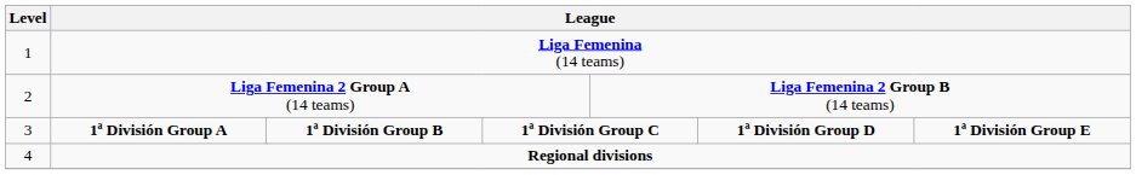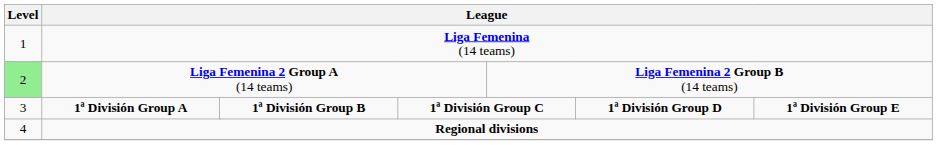 <table class="wikitable" style="text-align: center;">
 <tr south>
 <th colspan="1" width="4%">Level</th>
 <th colspan="10" width="96%">League</th>
 </tr>
 <tr>
 <td colspan="1" width="4%">1</td>
 <td colspan="10" width="96%"><strong><a href='#'>Liga Femenina</a></strong><br>(14 teams)<br></td>
 </tr>
 <tr>
-<td colspan="1" width="4%">2</td>
+<td colspan="1" width="4%" style="background: lightgreen;">2</td>
 <td colspan="5" width="48%"><strong><a href='#'>Liga Femenina 2</a> Group A</strong><br>(14 teams)</td>
 <td colspan="5" width="48%"><strong><a href='#'>Liga Femenina 2</a> Group B</strong><br>(14 teams)</td>
 </tr>
 <tr>
 <td colspan="1" width="4%">3</td>
 <td colspan="2" width="19.2%"><strong>1ª División Group A</strong><br>   </td>
 <td colspan="2" width="19.2%"><strong>1ª División Group B</strong><br>   </td>
 <td colspan="2" width="19.2%"><strong>1ª División Group C</strong><br> </td>
 <td colspan="2" width="19.2%"><strong>1ª División Group D</strong><br>   </td>
 <td colspan="2" width="19.2%"><strong>1ª División Group E</strong><br>    </td>
 </tr>
 <tr>
 <td colspan="1" width="4%">4</td>
 <td colspan="10" width="96%"><strong>Regional divisions</strong><br></td>
 </tr>
 <tr>
 </tr>
 </table>
